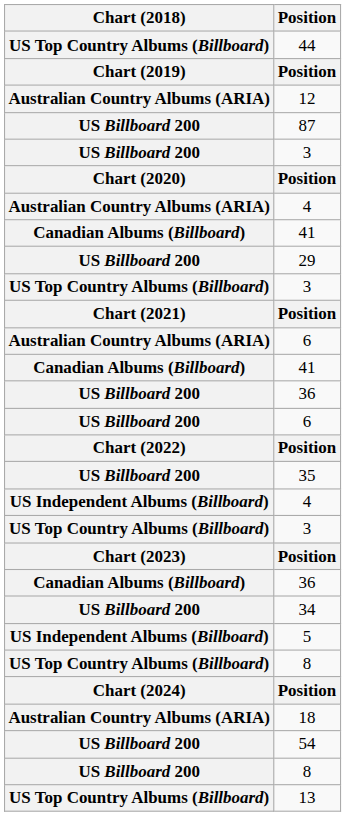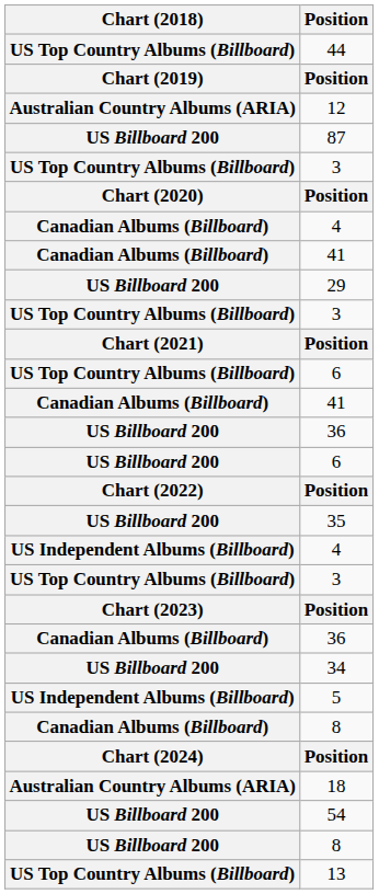 <table class="wikitable plainrowheaders" style="text-align:center">
 <tr>
 <th scope="col">Chart (2018)</th>
 <th scope="col">Position</th>
 </tr>
 <tr>
 <th scope="row">US Top Country Albums (<em>Billboard</em>)</th>
 <td>44</td>
 </tr>
 <tr>
 <th scope="col">Chart (2019)</th>
 <th scope="col">Position</th>
 </tr>
 <tr>
 <th scope="row">Australian Country Albums (ARIA)</th>
 <td>12</td>
 </tr>
 <tr>
 <th scope="row">US <em>Billboard</em> 200</th>
 <td>87</td>
 </tr>
 <tr>
-<th scope="row">US <em>Billboard</em> 200</th>
+<th scope="row">US Top Country Albums (<em>Billboard</em>)</th>
 <td>3</td>
 </tr>
 <tr>
 <th scope="col">Chart (2020)</th>
 <th scope="col">Position</th>
 </tr>
 <tr>
-<th scope="row">Australian Country Albums (ARIA)</th>
+<th scope="row">Canadian Albums (<em>Billboard</em>)</th>
 <td>4</td>
 </tr>
 <tr>
 <th scope="row">Canadian Albums (<em>Billboard</em>)</th>
 <td>41</td>
 </tr>
 <tr>
 <th scope="row">US <em>Billboard</em> 200</th>
 <td>29</td>
 </tr>
 <tr>
 <th scope="row">US Top Country Albums (<em>Billboard</em>)</th>
 <td>3</td>
 </tr>
 <tr>
 <th scope="col">Chart (2021)</th>
 <th scope="col">Position</th>
 </tr>
 <tr>
-<th scope="row">Australian Country Albums (ARIA)</th>
+<th scope="row">US Top Country Albums (<em>Billboard</em>)</th>
 <td>6</td>
 </tr>
 <tr>
 <th scope="row">Canadian Albums (<em>Billboard</em>)</th>
 <td>41</td>
 </tr>
 <tr>
 <th scope="row">US <em>Billboard</em> 200</th>
 <td>36</td>
 </tr>
 <tr>
 <th scope="row">US <em>Billboard</em> 200</th>
 <td>6</td>
 </tr>
 <tr>
 <th scope="col">Chart (2022)</th>
 <th scope="col">Position</th>
 </tr>
 <tr>
 <th scope="row">US <em>Billboard</em> 200</th>
 <td>35</td>
 </tr>
 <tr>
 <th scope="row">US Independent Albums (<em>Billboard</em>)</th>
 <td>4</td>
 </tr>
 <tr>
 <th scope="row">US Top Country Albums (<em>Billboard</em>)</th>
 <td>3</td>
 </tr>
 <tr>
 <th scope="col">Chart (2023)</th>
 <th scope="col">Position</th>
 </tr>
 <tr>
 <th scope="row">Canadian Albums (<em>Billboard</em>)</th>
 <td>36</td>
 </tr>
 <tr>
 <th scope="row">US <em>Billboard</em> 200</th>
 <td>34</td>
 </tr>
 <tr>
 <th scope="row">US Independent Albums (<em>Billboard</em>)</th>
 <td>5</td>
 </tr>
 <tr>
-<th scope="row">US Top Country Albums (<em>Billboard</em>)</th>
+<th scope="row">Canadian Albums (<em>Billboard</em>)</th>
 <td>8</td>
 </tr>
 <tr>
 <th scope="col">Chart (2024)</th>
 <th scope="col">Position</th>
 </tr>
 <tr>
 <th scope="row">Australian Country Albums (ARIA)</th>
 <td>18</td>
 </tr>
 <tr>
 <th scope="row">US <em>Billboard</em> 200</th>
 <td>54</td>
 </tr>
 <tr>
 <th scope="row">US <em>Billboard</em> 200</th>
 <td>8</td>
 </tr>
 <tr>
 <th scope="row">US Top Country Albums (<em>Billboard</em>)</th>
 <td>13</td>
 </tr>
 </table>
